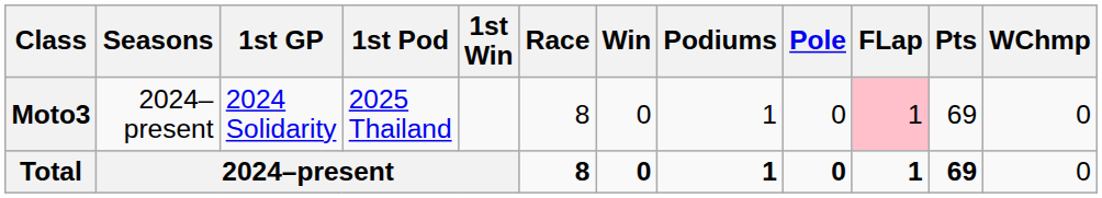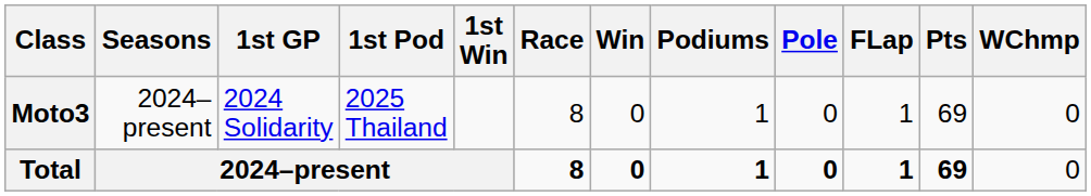 <table class="wikitable" style="text-align:right;">
 <tr>
 <th>Class</th>
 <th>Seasons</th>
 <th>1st GP</th>
 <th>1st Pod</th>
 <th>1st Win</th>
 <th>Race</th>
 <th>Win</th>
 <th>Podiums</th>
 <th><a href='#'>Pole</a></th>
 <th>FLap</th>
 <th>Pts</th>
 <th>WChmp</th>
 </tr>
 <tr>
 <th>Moto3</th>
 <td>2024–present</td>
 <td style="text-align:left;"><a href='#'>2024 Solidarity</a></td>
 <td style="text-align:left;"><a href='#'>2025 Thailand</a></td>
 <td style="text-align:left;"></td>
 <td>8</td>
 <td>0</td>
 <td>1</td>
 <td>0</td>
-<td style="background: pink;">1</td>
+<td>1</td>
 <td>69</td>
 <td>0</td>
 </tr>
 <tr>
 <th>Total</th>
 <th colspan="4">2024–present</th>
 <td><strong>8</strong></td>
 <td><strong>0</strong></td>
 <td><strong>1</strong></td>
 <td><strong>0</strong></td>
 <td><strong>1</strong></td>
 <td><strong>69</strong></td>
 <td>0</td>
 </tr>
 </table>
